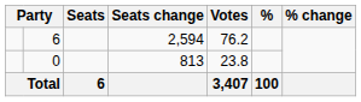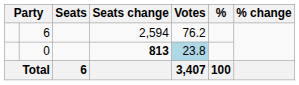 <table class="wikitable sortable">
 <tr>
 <th colspan=2>Party</th>
 <th>Seats</th>
 <th>Seats change</th>
 <th>Votes</th>
 <th>%</th>
 <th>% change</th>
 </tr>
 <tr>
 <td></td>
 <td align=right>6</td>
 <td align=right></td>
 <td align=right>2,594</td>
 <td align=right>76.2</td>
 <td align=right></td>
 </tr>
 <tr>
 <td></td>
 <td align=right>0</td>
 <td align=right></td>
-<td align=right>813</td>
-<td align=right>23.8</td>
+<td align=right><strong>813</strong></td>
+<td align=right style="background: lightblue;">23.8</td>
 <td align=right></td>
 </tr>
 <tr class="sortbottom" style="font-weight: bold; text-align: right; background: #f2f2f2;">
 <th colspan="2" style="padding-left: 1.5em; text-align: left;">Total</th>
 <td align=right>6</td>
 <td align=right></td>
 <td align=right>3,407</td>
 <td align=right>100</td>
 <td align=right></td>
 </tr>
 </table>
